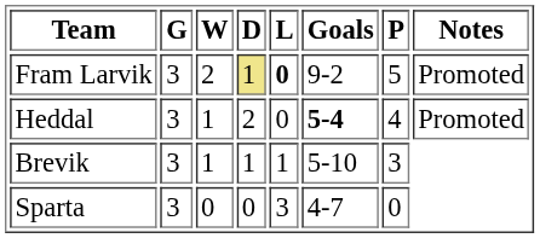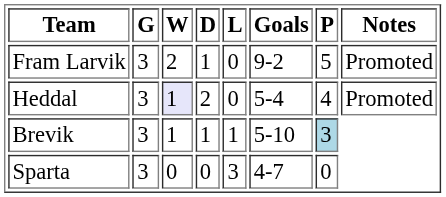 <table border="1" cellpadding="2">
 <tr>
 <th>Team</th>
 <th>G</th>
 <th>W</th>
 <th>D</th>
 <th>L</th>
 <th>Goals</th>
 <th>P</th>
 <th>Notes</th>
 </tr>
 <tr>
 <td>Fram Larvik</td>
 <td>3</td>
 <td>2</td>
-<td style="background: khaki;">1</td>
-<td><strong>0</strong></td>
+<td>1</td>
+<td>0</td>
 <td>9-2</td>
 <td>5</td>
 <td>Promoted</td>
 </tr>
 <tr>
 <td>Heddal</td>
 <td>3</td>
-<td>1</td>
+<td style="background: lavender;">1</td>
 <td>2</td>
 <td>0</td>
-<td><strong>5-4</strong></td>
+<td>5-4</td>
 <td>4</td>
 <td>Promoted</td>
 </tr>
 <tr>
 <td>Brevik</td>
 <td>3</td>
 <td>1</td>
 <td>1</td>
 <td>1</td>
 <td>5-10</td>
-<td>3</td>
+<td style="background: lightblue;">3</td>
 </tr>
 <tr>
 <td>Sparta</td>
 <td>3</td>
 <td>0</td>
 <td>0</td>
 <td>3</td>
 <td>4-7</td>
 <td>0</td>
 </tr>
 </table>
